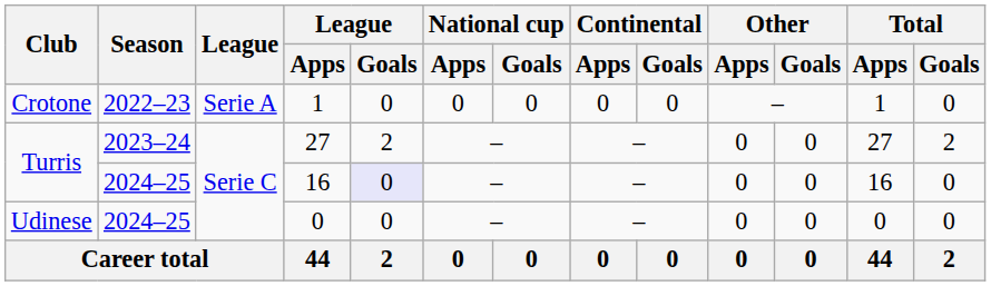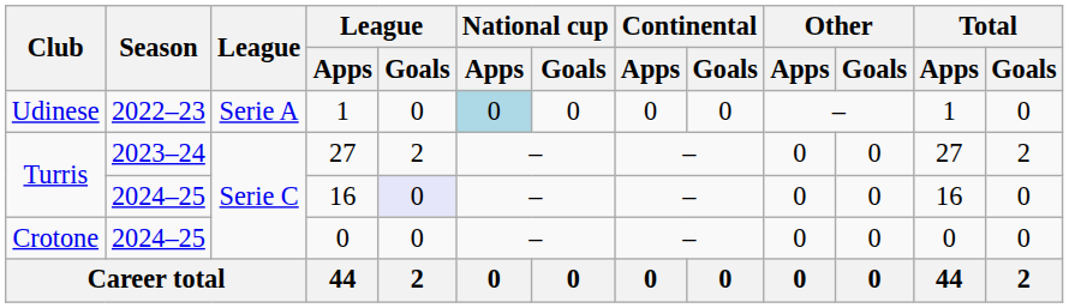 <table class="wikitable" style="text-align:center">
 <tr>
 <th rowspan="2">Club</th>
 <th rowspan="2">Season</th>
 <th rowspan="2">League</th>
 <th colspan="2">League</th>
 <th colspan="2">National cup</th>
 <th colspan="2">Continental</th>
 <th colspan="2">Other</th>
 <th colspan="2">Total</th>
 </tr>
 <tr>
 <th>Apps</th>
 <th>Goals</th>
 <th>Apps</th>
 <th>Goals</th>
 <th>Apps</th>
 <th>Goals</th>
 <th>Apps</th>
 <th>Goals</th>
 <th>Apps</th>
 <th>Goals</th>
 </tr>
 <tr>
-<td><a href='#'>Crotone</a></td>
+<td><a href='#'>Udinese</a></td>
 <td><a href='#'>2022–23</a></td>
 <td><a href='#'>Serie A</a></td>
 <td>1</td>
 <td>0</td>
-<td>0</td>
+<td style="background: lightblue;">0</td>
 <td>0</td>
 <td>0</td>
 <td>0</td>
 <td colspan="2">–</td>
 <td>1</td>
 <td>0</td>
 </tr>
 <tr>
 <td rowspan="2"><a href='#'>Turris</a></td>
 <td><a href='#'>2023–24</a></td>
 <td rowspan="3"><a href='#'>Serie C</a></td>
 <td>27</td>
 <td>2</td>
 <td colspan="2">–</td>
 <td colspan="2">–</td>
 <td>0</td>
 <td>0</td>
 <td>27</td>
 <td>2</td>
 </tr>
 <tr>
 <td><a href='#'>2024–25</a></td>
 <td>16</td>
 <td style="background: lavender;">0</td>
 <td colspan="2">–</td>
 <td colspan="2">–</td>
 <td>0</td>
 <td>0</td>
 <td>16</td>
 <td>0</td>
 </tr>
 <tr>
-<td><a href='#'>Udinese</a></td>
+<td><a href='#'>Crotone</a></td>
 <td><a href='#'>2024–25</a></td>
 <td>0</td>
 <td>0</td>
 <td colspan="2">–</td>
 <td colspan="2">–</td>
 <td>0</td>
 <td>0</td>
 <td>0</td>
 <td>0</td>
 </tr>
 <tr>
 <th colspan="3">Career total</th>
 <th>44</th>
 <th>2</th>
 <th>0</th>
 <th>0</th>
 <th>0</th>
 <th>0</th>
 <th>0</th>
 <th>0</th>
 <th>44</th>
 <th>2</th>
 </tr>
 </table>
